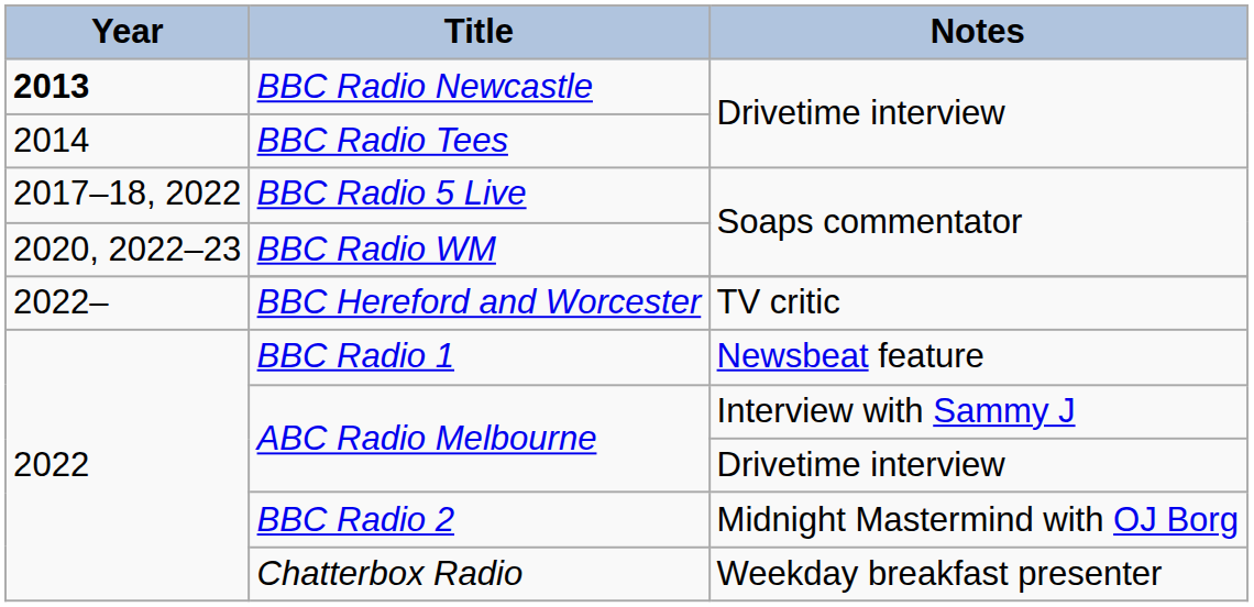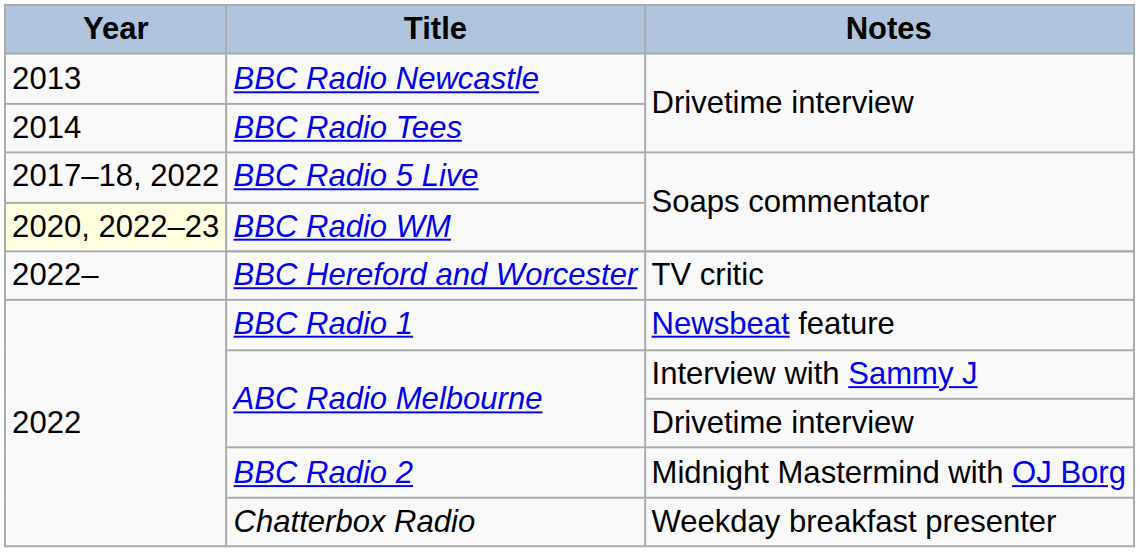 <table class="wikitable">
 <tr>
 <th style="background:#B0C4DE;">Year</th>
 <th style="background:#B0C4DE;">Title</th>
 <th style="background:#B0C4DE;">Notes</th>
 </tr>
 <tr>
-<td><strong>2013</strong></td>
+<td>2013</td>
 <td><em><a href='#'>BBC Radio Newcastle</a></em></td>
 <td rowspan=2>Drivetime interview</td>
 </tr>
 <tr>
 <td>2014</td>
 <td><em><a href='#'>BBC Radio Tees</a></em></td>
 </tr>
 <tr>
 <td>2017–18, 2022</td>
 <td><em><a href='#'>BBC Radio 5 Live</a></em></td>
 <td rowspan="2">Soaps commentator</td>
 </tr>
 <tr>
-<td>2020, 2022–23</td>
+<td style="background: lightyellow;">2020, 2022–23</td>
 <td rowspan="1"><em><a href='#'>BBC Radio WM</a></em></td>
 </tr>
 <tr>
 <td rowspan="2">2022–</td>
 </tr>
 <tr>
 <td><em><a href='#'>BBC Hereford and Worcester</a></em></td>
 <td>TV critic</td>
 </tr>
 <tr>
 <td rowspan="5">2022</td>
 <td><em><a href='#'>BBC Radio 1</a></em></td>
 <td><a href='#'>Newsbeat</a> feature</td>
 </tr>
 <tr>
 <td rowspan=2><em><a href='#'>ABC Radio Melbourne</a></em></td>
 <td>Interview with <a href='#'>Sammy J</a></td>
 </tr>
 <tr>
 <td>Drivetime interview</td>
 </tr>
 <tr>
 <td><em><a href='#'>BBC Radio 2</a></em></td>
 <td>Midnight Mastermind with <a href='#'>OJ Borg</a></td>
 </tr>
 <tr>
 <td><em>Chatterbox Radio</em></td>
 <td>Weekday breakfast presenter</td>
 </tr>
 </table>
